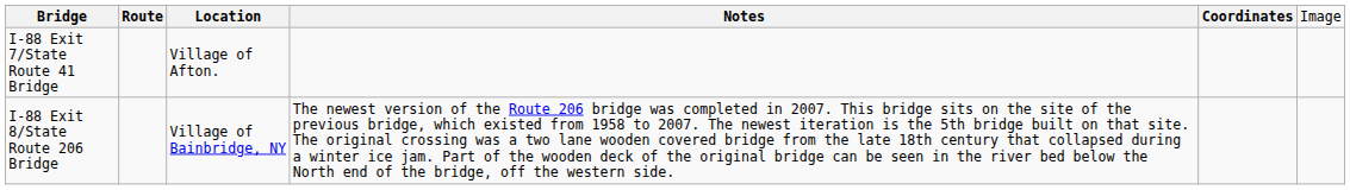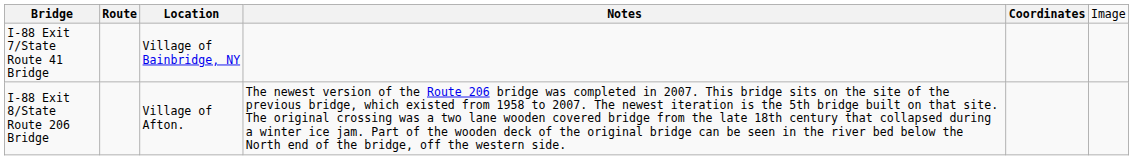 <table class="wikitable" style="width:100%">
 <tr>
 <th>Bridge</th>
 <th>Route</th>
 <th>Location</th>
 <th>Notes</th>
 <th>Coordinates</th>
 <td>Image</td>
 </tr>
 <tr>
 <td>I-88 Exit 7/State Route 41 Bridge</td>
 <td></td>
-<td>Village of Afton.</td>
+<td>Village of <a href='#'>Bainbridge, NY</a></td>
 <td></td>
 <td></td>
 <td></td>
 </tr>
 <tr>
 <td>I-88 Exit 8/State Route 206 Bridge</td>
 <td></td>
-<td>Village of <a href='#'>Bainbridge, NY</a></td>
+<td>Village of Afton.</td>
 <td>The newest version of the <a href='#'>Route 206</a> bridge was completed in 2007.  This bridge sits on the site of the previous bridge, which existed from 1958 to 2007.  The newest iteration is the 5th bridge built on that site.  The original crossing was a two lane wooden covered bridge from the late 18th century that collapsed during a winter ice jam.  Part of the wooden deck of the original bridge can be seen in the river bed below the North end of the bridge, off the western side.</td>
 <td></td>
 <td></td>
 </tr>
 </table>
